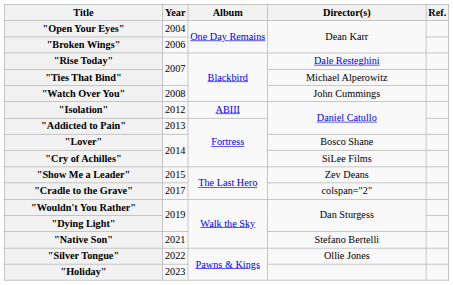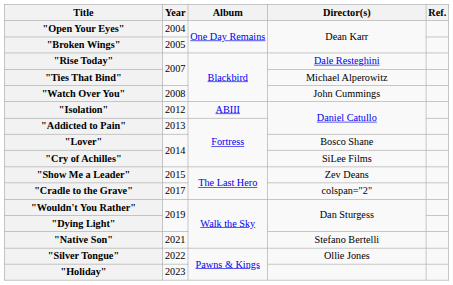 <table class="wikitable plainrowheaders" style="text-align:center;">
 <tr>
 <th scope="col" style="width:15em;">Title</th>
 <th scope="col">Year</th>
 <th scope="col">Album</th>
 <th scope="col" style="width:15em;">Director(s)</th>
 <th scope="col">Ref.</th>
 </tr>
 <tr>
 <th scope="row">"Open Your Eyes"</th>
 <td>2004</td>
 <td rowspan="2"><a href='#'>One Day Remains</a></td>
 <td rowspan="2">Dean Karr</td>
 <td></td>
 </tr>
 <tr>
 <th scope="row">"Broken Wings"</th>
-<td>2006</td>
+<td>2005</td>
 <td></td>
 </tr>
 <tr>
 <th scope="row">"Rise Today"</th>
 <td rowspan="2">2007</td>
 <td rowspan="3"><a href='#'>Blackbird</a></td>
 <td><a href='#'>Dale Resteghini</a></td>
 <td></td>
 </tr>
 <tr>
 <th scope="row">"Ties That Bind"</th>
 <td>Michael Alperowitz</td>
 <td></td>
 </tr>
 <tr>
 <th scope="row">"Watch Over You"</th>
 <td>2008</td>
 <td>John Cummings</td>
 <td></td>
 </tr>
 <tr>
 <th scope="row">"Isolation"</th>
 <td>2012</td>
 <td><a href='#'>ABIII</a></td>
 <td rowspan="2"><a href='#'>Daniel Catullo</a></td>
 <td></td>
 </tr>
 <tr>
 <th scope="row">"Addicted to Pain"</th>
 <td>2013</td>
 <td rowspan="3"><a href='#'>Fortress</a></td>
 <td></td>
 </tr>
 <tr>
 <th scope="row">"Lover"</th>
 <td rowspan="2">2014</td>
 <td>Bosco Shane</td>
 <td></td>
 </tr>
 <tr>
 <th scope="row">"Cry of Achilles"</th>
 <td>SiLee Films</td>
 <td></td>
 </tr>
 <tr>
 <th scope="row">"Show Me a Leader"</th>
 <td>2015</td>
 <td rowspan="2"><a href='#'>The Last Hero</a></td>
 <td>Zev Deans</td>
 <td></td>
 </tr>
 <tr>
 <th scope="row">"Cradle to the Grave"</th>
 <td>2017</td>
 <td>colspan="2" </td>
 </tr>
 <tr>
 <th scope="row">"Wouldn't You Rather"</th>
 <td rowspan="2">2019</td>
 <td rowspan="3"><a href='#'>Walk the Sky</a></td>
 <td rowspan="2">Dan Sturgess</td>
 <td></td>
 </tr>
 <tr>
 <th scope="row">"Dying Light"</th>
 <td></td>
 </tr>
 <tr>
 <th scope="row">"Native Son"</th>
 <td>2021</td>
 <td>Stefano Bertelli</td>
 <td></td>
 </tr>
 <tr>
 <th scope="row">"Silver Tongue"</th>
 <td>2022</td>
 <td rowspan="2"><a href='#'>Pawns & Kings</a></td>
 <td>Ollie Jones</td>
 <td></td>
 </tr>
 <tr>
 <th scope="row">"Holiday"</th>
 <td>2023</td>
 <td></td>
 <td></td>
 </tr>
 </table>
